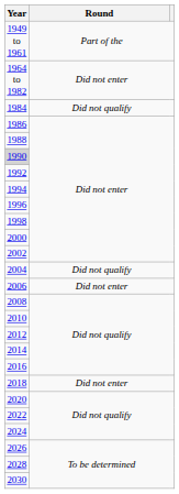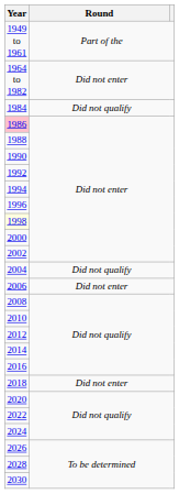 <table class="wikitable" style="text-align: center; font-size:90%">
 <tr>
 <th>Year</th>
 <th style="width:200px">Round</th>
 <th></th>
 </tr>
 <tr>
 <td><a href='#'>1949</a><br>to<br><a href='#'>1961</a></td>
 <td colspan="2"><em>Part of the </em></td>
 </tr>
 <tr>
 <td><a href='#'>1964</a><br>to<br><a href='#'>1982</a></td>
 <td colspan="2"><em>Did not enter</em></td>
 </tr>
 <tr>
 <td><a href='#'>1984</a></td>
 <td colspan="2"><em>Did not qualify</em></td>
 </tr>
 <tr>
-<td><a href='#'>1986</a></td>
+<td style="background: pink;"><a href='#'>1986</a></td>
 <td colspan="2" rowspan="9"><em>Did not enter</em></td>
 </tr>
 <tr>
 <td><a href='#'>1988</a></td>
 </tr>
 <tr>
-<td style="background: lightgrey;"><a href='#'>1990</a></td>
+<td><a href='#'>1990</a></td>
 </tr>
 <tr>
 <td><a href='#'>1992</a></td>
 </tr>
 <tr>
 <td><a href='#'>1994</a></td>
 </tr>
 <tr>
 <td><a href='#'>1996</a></td>
 </tr>
 <tr>
-<td><a href='#'>1998</a></td>
+<td style="background: lightyellow;"><a href='#'>1998</a></td>
 </tr>
 <tr>
 <td><a href='#'>2000</a></td>
 </tr>
 <tr>
 <td><a href='#'>2002</a></td>
 </tr>
 <tr>
 <td><a href='#'>2004</a></td>
 <td colspan="2"><em>Did not qualify</em></td>
 </tr>
 <tr>
 <td><a href='#'>2006</a></td>
 <td colspan="2"><em>Did not enter</em></td>
 </tr>
 <tr>
 <td><a href='#'>2008</a></td>
 <td colspan="2" rowspan="5"><em>Did not qualify</em></td>
 </tr>
 <tr>
 <td><a href='#'>2010</a></td>
 </tr>
 <tr>
 <td><a href='#'>2012</a></td>
 </tr>
 <tr>
 <td><a href='#'>2014</a></td>
 </tr>
 <tr>
 <td><a href='#'>2016</a></td>
 </tr>
 <tr>
 <td><a href='#'>2018</a></td>
 <td colspan="2"><em>Did not enter</em></td>
 </tr>
 <tr>
 <td><a href='#'>2020</a></td>
 <td colspan="2" rowspan="3"><em>Did not qualify</em></td>
 </tr>
 <tr>
 <td><a href='#'>2022</a></td>
 </tr>
 <tr>
 <td><a href='#'>2024</a></td>
 </tr>
 <tr>
 <td><a href='#'>2026</a></td>
 <td colspan="2" rowspan="3"><em>To be determined</em></td>
 </tr>
 <tr>
 <td><a href='#'>2028</a></td>
 </tr>
 <tr>
 <td><a href='#'>2030</a></td>
 </tr>
 </table>
